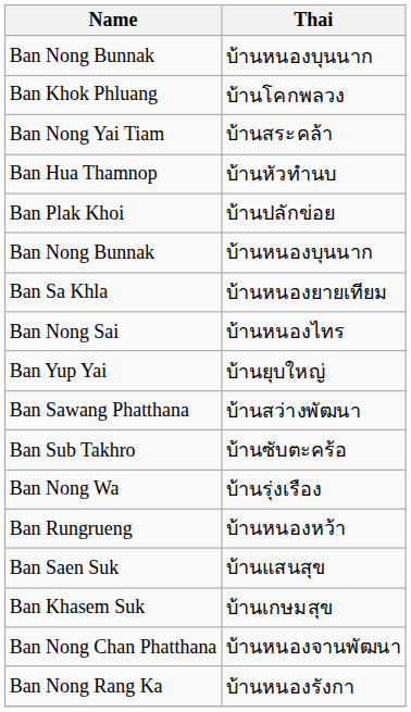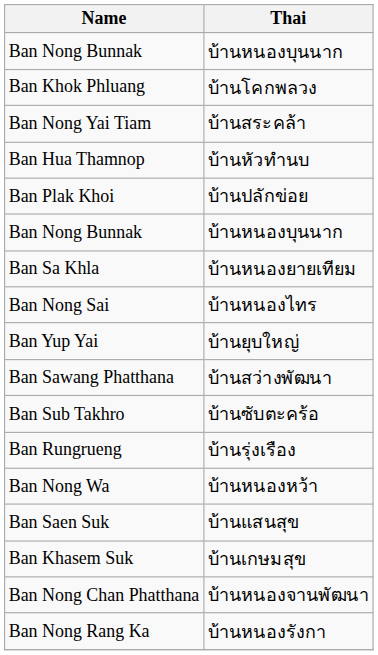 <table class="wikitable sortable">
 <tr>
 <th>Name</th>
 <th>Thai</th>
 </tr>
 <tr>
 <td>Ban Nong Bunnak</td>
 <td>บ้านหนองบุนนาก</td>
 </tr>
 <tr>
 <td>Ban Khok Phluang</td>
 <td>บ้านโคกพลวง</td>
 </tr>
 <tr>
 <td>Ban Nong Yai Tiam</td>
 <td>บ้านสระคล้า</td>
 </tr>
 <tr>
 <td>Ban Hua Thamnop</td>
 <td>บ้านหัวทำนบ</td>
 </tr>
 <tr>
 <td>Ban Plak Khoi</td>
 <td>บ้านปลักข่อย</td>
 </tr>
 <tr>
 <td>Ban Nong Bunnak</td>
 <td>บ้านหนองบุนนาก</td>
 </tr>
 <tr>
 <td>Ban Sa Khla</td>
 <td>บ้านหนองยายเทียม</td>
 </tr>
 <tr>
 <td>Ban Nong Sai</td>
 <td>บ้านหนองไทร</td>
 </tr>
 <tr>
 <td>Ban Yup Yai</td>
 <td>บ้านยุบใหญ่</td>
 </tr>
 <tr>
 <td>Ban Sawang Phatthana</td>
 <td>บ้านสว่างพัฒนา</td>
 </tr>
 <tr>
 <td>Ban Sub Takhro</td>
 <td>บ้านซับตะคร้อ</td>
 </tr>
 <tr>
-<td>Ban Nong Wa</td>
+<td>Ban Rungrueng</td>
 <td>บ้านรุ่งเรือง</td>
 </tr>
 <tr>
-<td>Ban Rungrueng</td>
+<td>Ban Nong Wa</td>
 <td>บ้านหนองหว้า</td>
 </tr>
 <tr>
 <td>Ban Saen Suk</td>
 <td>บ้านแสนสุข</td>
 </tr>
 <tr>
 <td>Ban Khasem Suk</td>
 <td>บ้านเกษมสุข</td>
 </tr>
 <tr>
 <td>Ban Nong Chan Phatthana</td>
 <td>บ้านหนองจานพัฒนา</td>
 </tr>
 <tr>
 <td>Ban Nong Rang Ka</td>
 <td>บ้านหนองรังกา</td>
 </tr>
 <tr>
 </tr>
 </table>
